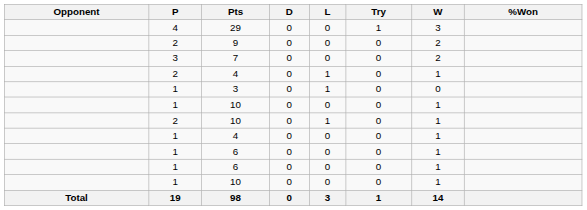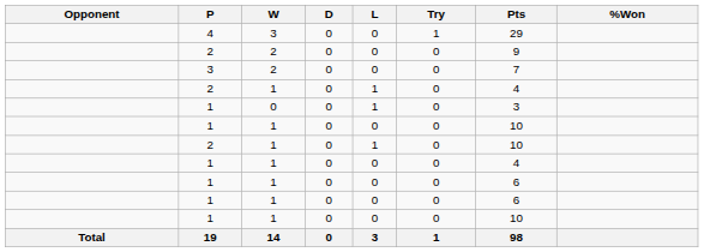 <table class="wikitable sortable" style="text-align:center;width:75%">
 <tr>
 <th style="width:25%;">Opponent</th>
 <th abbr="Played" style="width:15px;">P</th>
-<th abbr="Points" style="width:18px;">Pts</th>
+<th abbr="Won" style="width:10px;">W</th>
 <th abbr="Drawn" style="width:10px;">D</th>
 <th abbr="Lost" style="width:10px;">L</th>
 <th abbr="Tries" style="width:15px;">Try</th>
-<th abbr="Won" style="width:10px;">W</th>
+<th abbr="Points" style="width:18px;">Pts</th>
 <th abbr="Won" style="width:15px;">%Won</th>
 </tr>
 <tr>
 <td align="left"></td>
 <td>4</td>
-<td>29</td>
+<td>3</td>
 <td>0</td>
 <td>0</td>
 <td>1</td>
+<td>29</td>
+<td></td>
+</tr>
+<tr>
+<td align="left"></td>
+<td>2</td>
+<td>2</td>
+<td>0</td>
+<td>0</td>
+<td>0</td>
+<td>9</td>
+<td></td>
+</tr>
+<tr>
+<td align="left"></td>
+<td>3</td>
+<td>2</td>
+<td>0</td>
+<td>0</td>
+<td>0</td>
+<td>7</td>
+<td></td>
+</tr>
+<tr>
+<td align="left"></td>
+<td>2</td>
+<td>1</td>
+<td>0</td>
+<td>1</td>
+<td>0</td>
+<td>4</td>
+<td></td>
+</tr>
+<tr>
+<td align="left"></td>
+<td>1</td>
+<td>0</td>
+<td>0</td>
+<td>1</td>
+<td>0</td>
 <td>3</td>
 <td></td>
 </tr>
 <tr>
 <td align="left"></td>
-<td>2</td>
-<td>9</td>
+<td>1</td>
+<td>1</td>
 <td>0</td>
 <td>0</td>
 <td>0</td>
-<td>2</td>
-<td></td>
-</tr>
-<tr>
-<td align="left"></td>
-<td>3</td>
-<td>7</td>
-<td>0</td>
-<td>0</td>
-<td>0</td>
-<td>2</td>
+<td>10</td>
 <td></td>
 </tr>
 <tr>
 <td align="left"></td>
 <td>2</td>
-<td>4</td>
+<td>1</td>
 <td>0</td>
 <td>1</td>
 <td>0</td>
-<td>1</td>
+<td>10</td>
 <td></td>
 </tr>
 <tr>
 <td align="left"></td>
 <td>1</td>
-<td>3</td>
-<td>0</td>
 <td>1</td>
 <td>0</td>
 <td>0</td>
+<td>0</td>
+<td>4</td>
 <td></td>
 </tr>
 <tr>
 <td align="left"></td>
 <td>1</td>
-<td>10</td>
+<td>1</td>
 <td>0</td>
 <td>0</td>
 <td>0</td>
-<td>1</td>
-<td></td>
-</tr>
-<tr>
-<td align="left"></td>
-<td>2</td>
-<td>10</td>
-<td>0</td>
-<td>1</td>
-<td>0</td>
-<td>1</td>
+<td>6</td>
 <td></td>
 </tr>
 <tr>
 <td align="left"></td>
 <td>1</td>
-<td>4</td>
+<td>1</td>
 <td>0</td>
 <td>0</td>
 <td>0</td>
-<td>1</td>
+<td>6</td>
 <td></td>
 </tr>
 <tr>
 <td align="left"></td>
 <td>1</td>
-<td>6</td>
+<td>1</td>
 <td>0</td>
 <td>0</td>
 <td>0</td>
-<td>1</td>
-<td></td>
-</tr>
-<tr>
-<td align="left"></td>
-<td>1</td>
-<td>6</td>
-<td>0</td>
-<td>0</td>
-<td>0</td>
-<td>1</td>
-<td></td>
-</tr>
-<tr>
-<td align="left"></td>
-<td>1</td>
 <td>10</td>
-<td>0</td>
-<td>0</td>
-<td>0</td>
-<td>1</td>
 <td></td>
 </tr>
 <tr>
 <th>Total</th>
 <th>19</th>
-<th>98</th>
+<th>14</th>
 <th>0</th>
 <th>3</th>
 <th>1</th>
-<th>14</th>
+<th>98</th>
 <th></th>
 </tr>
 </table>
